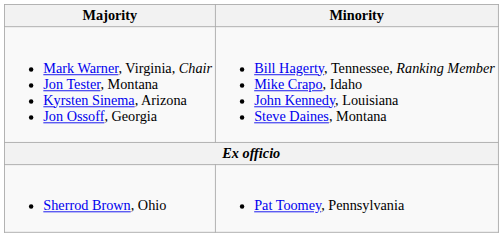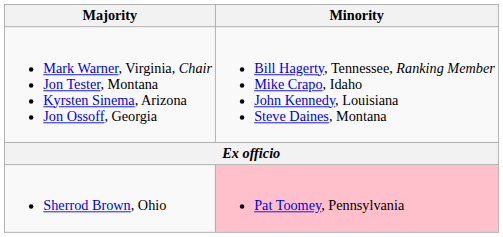 <table class="wikitable">
 <tr>
 <th>Majority </th>
 <th>Minority </th>
 </tr>
 <tr>
 <td><br><ul><li><a href='#'>Mark Warner</a>, Virginia, <em>Chair</em></li><li><a href='#'>Jon Tester</a>, Montana</li><li><a href='#'>Kyrsten Sinema</a>, Arizona</li><li><a href='#'>Jon Ossoff</a>, Georgia</li></ul></td>
 <td><br><ul><li><a href='#'>Bill Hagerty</a>, Tennessee, <em>Ranking Member</em></li><li><a href='#'>Mike Crapo</a>, Idaho</li><li><a href='#'>John Kennedy</a>, Louisiana</li><li><a href='#'>Steve Daines</a>, Montana</li></ul></td>
 </tr>
 <tr>
 <th colspan="2"><em>Ex officio</em> </th>
 </tr>
 <tr>
 <td><br><ul><li><a href='#'>Sherrod Brown</a>, Ohio</li></ul></td>
-<td><br><ul><li><a href='#'>Pat Toomey</a>, Pennsylvania</li></ul></td>
+<td style="background: pink;"><br><ul><li><a href='#'>Pat Toomey</a>, Pennsylvania</li></ul></td>
 </tr>
 </table>
